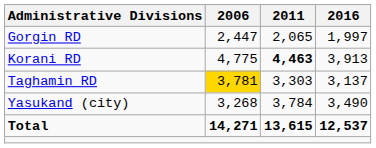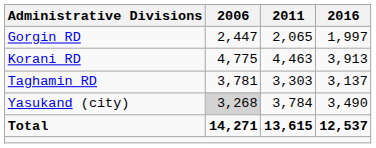 <table class="wikitable">
 <tr>
 <th>Administrative Divisions</th>
 <th>2006</th>
 <th>2011</th>
 <th>2016</th>
 </tr>
 <tr>
 <td><a href='#'>Gorgin RD</a></td>
 <td style="text-align: right;">2,447</td>
 <td style="text-align: right;">2,065</td>
 <td style="text-align: right;">1,997</td>
 </tr>
 <tr>
 <td><a href='#'>Korani RD</a></td>
 <td style="text-align: right;">4,775</td>
-<td style="text-align: right;"><strong>4,463</strong></td>
+<td style="text-align: right;">4,463</td>
 <td style="text-align: right;">3,913</td>
 </tr>
 <tr>
 <td><a href='#'>Taghamin RD</a></td>
-<td style="background: gold; text-align: right;">3,781</td>
+<td style="text-align: right;">3,781</td>
 <td style="text-align: right;">3,303</td>
 <td style="text-align: right;">3,137</td>
 </tr>
 <tr>
 <td><a href='#'>Yasukand</a> (city)</td>
-<td style="text-align: right;">3,268</td>
+<td style="background: lightgrey; text-align: right;">3,268</td>
 <td style="text-align: right;">3,784</td>
 <td style="text-align: right;">3,490</td>
 </tr>
 <tr>
 <td><strong>Total</strong></td>
 <td style="text-align: right;"><strong>14,271</strong></td>
 <td style="text-align: right;"><strong>13,615</strong></td>
 <td style="text-align: right;"><strong>12,537</strong></td>
 </tr>
 <tr>
 <td colspan=4></td>
 </tr>
 </table>
